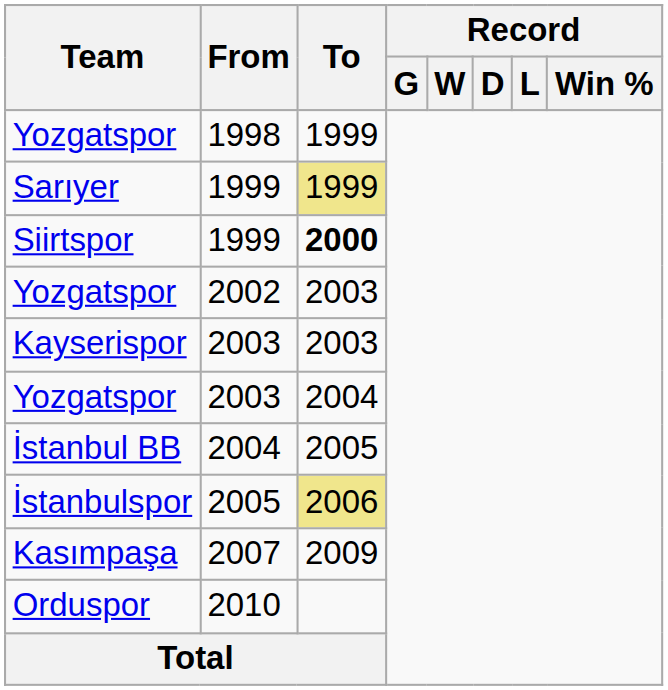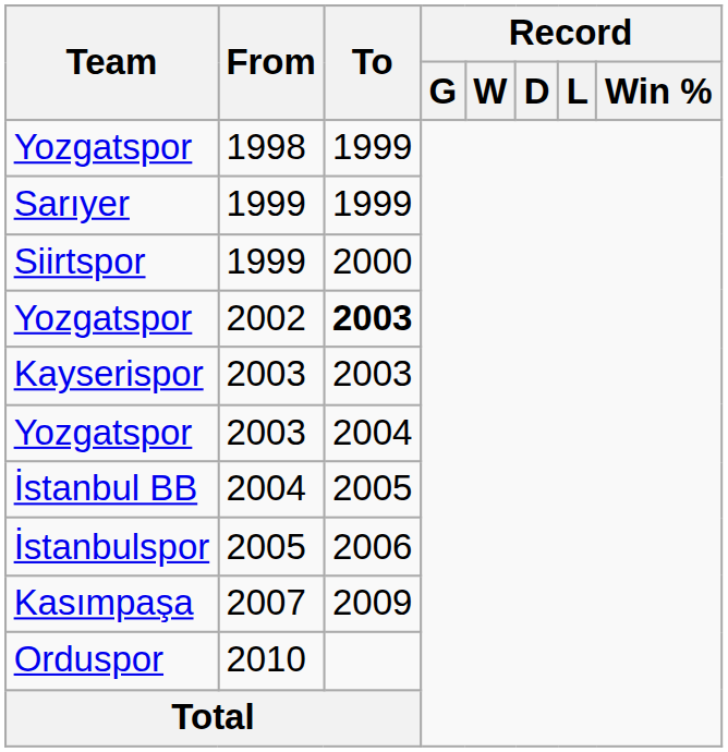 <table class="wikitable" style="text-align: center">
 <tr>
 <th rowspan="2">Team</th>
 <th rowspan="2">From</th>
 <th rowspan="2">To</th>
 <th colspan="5">Record</th>
 </tr>
 <tr>
 <th>G</th>
 <th>W</th>
 <th>D</th>
 <th>L</th>
 <th>Win %</th>
 </tr>
 <tr>
 <td align=left><a href='#'>Yozgatspor</a></td>
 <td align=left>1998</td>
 <td align=left>1999<br></td>
 </tr>
 <tr>
 <td align=left><a href='#'>Sarıyer</a></td>
 <td align=left>1999</td>
-<td align=left style="background: khaki;">1999<br></td>
+<td align=left>1999<br></td>
 </tr>
 <tr>
 <td align=left><a href='#'>Siirtspor</a></td>
 <td align=left>1999</td>
-<td align=left><strong>2000<br></strong></td>
+<td align=left>2000<br></td>
 </tr>
 <tr>
 <td align=left><a href='#'>Yozgatspor</a></td>
 <td align=left>2002</td>
-<td align=left>2003<br></td>
+<td align=left><strong>2003<br></strong></td>
 </tr>
 <tr>
 <td align=left><a href='#'>Kayserispor</a></td>
 <td align=left>2003</td>
 <td align=left>2003<br></td>
 </tr>
 <tr>
 <td align=left><a href='#'>Yozgatspor</a></td>
 <td align=left>2003</td>
 <td align=left>2004<br></td>
 </tr>
 <tr>
 <td align=left><a href='#'>İstanbul BB</a></td>
 <td align=left>2004</td>
 <td align=left>2005<br></td>
 </tr>
 <tr>
 <td align=left><a href='#'>İstanbulspor</a></td>
 <td align=left>2005</td>
-<td align=left style="background: khaki;">2006<br></td>
+<td align=left>2006<br></td>
 </tr>
 <tr>
 <td align=left><a href='#'>Kasımpaşa</a></td>
 <td align=left>2007</td>
 <td align=left>2009<br></td>
 </tr>
 <tr>
 <td align=left><a href='#'>Orduspor</a></td>
 <td align=left>2010</td>
 <td align=left><br></td>
 </tr>
 <tr>
 <th colspan="3" align="center" valign=middle>Total<br></th>
 </tr>
 </table>
